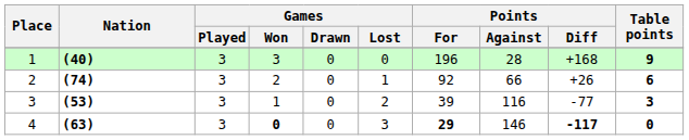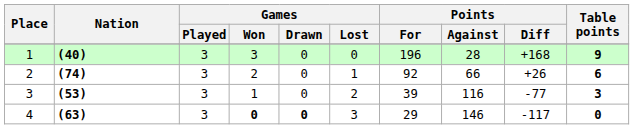 <table class="wikitable">
 <tr>
 <th rowspan=2 width="8%">Place</th>
 <th rowspan=2 width="20%">Nation</th>
 <th colspan=4 width="32%">Games</th>
 <th colspan=3 width="30%">Points</th>
 <th rowspan=2 width="10%">Table<br>points</th>
 </tr>
 <tr>
 <th width="8%">Played</th>
 <th width="8%">Won</th>
 <th width="8%">Drawn</th>
 <th width="8%">Lost</th>
 <th width="10%">For</th>
 <th width="10%">Against</th>
 <th width="10%">Diff</th>
 </tr>
 <tr>
 </tr>
 <tr bgcolor=#ccffcc align=center>
 <td>1</td>
 <td align=left> <strong>(40)</strong></td>
 <td>3</td>
 <td>3</td>
 <td>0</td>
 <td>0</td>
 <td>196</td>
 <td>28</td>
 <td>+168</td>
 <td><strong>9</strong></td>
 </tr>
 <tr bgcolor=#ffffff align=center>
 <td>2</td>
 <td align=left> <strong>(74)</strong></td>
 <td>3</td>
 <td>2</td>
 <td>0</td>
 <td>1</td>
 <td>92</td>
 <td>66</td>
 <td>+26</td>
 <td><strong>6</strong></td>
 </tr>
 <tr bgcolor=#ffffff align=center>
 <td>3</td>
 <td align=left> <strong>(53)</strong></td>
 <td>3</td>
 <td>1</td>
 <td>0</td>
 <td>2</td>
 <td>39</td>
 <td>116</td>
 <td>-77</td>
 <td><strong>3</strong></td>
 </tr>
 <tr bgcolor=#ffffff align=center>
 <td>4</td>
 <td align=left> <strong>(63)</strong></td>
 <td>3</td>
 <td><strong>0</strong></td>
-<td>0</td>
+<td><strong>0</strong></td>
 <td>3</td>
-<td><strong>29</strong></td>
+<td>29</td>
 <td>146</td>
-<td><strong>-117</strong></td>
+<td>-117</td>
 <td><strong>0</strong></td>
 </tr>
 </table>
